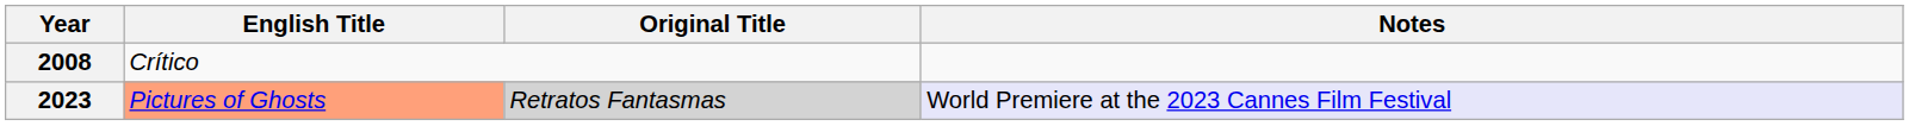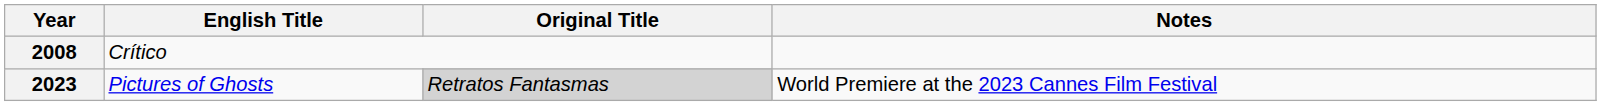 <table class="wikitable plainrowheaders" style="width:100%;">
 <tr>
 <th scope="col">Year</th>
 <th scope="col">English Title</th>
 <th scope="col">Original Title</th>
 <th scope="col">Notes</th>
 </tr>
 <tr>
 <th style="text-align:center;">2008</th>
 <td colspan="2"><em>Crítico</em></td>
 <td></td>
 </tr>
 <tr>
 <th>2023</th>
-<td style="background: lightsalmon;"><em><a href='#'>Pictures of Ghosts</a></em></td>
+<td><em><a href='#'>Pictures of Ghosts</a></em></td>
 <td style="background: lightgrey;"><em>Retratos Fantasmas</em></td>
-<td style="background: lavender;">World Premiere at the <a href='#'>2023 Cannes Film Festival</a></td>
+<td>World Premiere at the <a href='#'>2023 Cannes Film Festival</a></td>
 </tr>
 </table>
